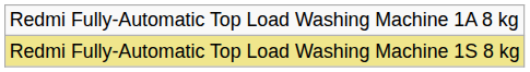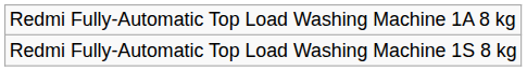 <table class="wikitable">
 <tr>
 <td>Redmi Fully-Automatic Top Load Washing Machine 1A 8 kg</td>
 </tr>
 <tr>
-<td style="background: khaki;">Redmi Fully-Automatic Top Load Washing Machine 1S 8 kg</td>
+<td>Redmi Fully-Automatic Top Load Washing Machine 1S 8 kg</td>
 </tr>
 </table>
